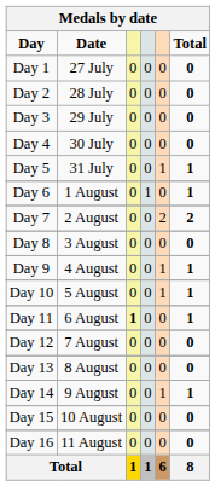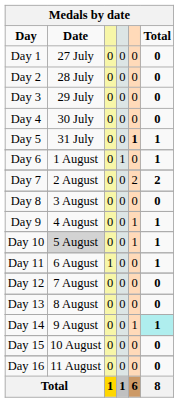 <table class=wikitable style="font-size:85%; float:right;">
 <tr bgcolor=efefef>
 <th colspan=6><strong>Medals by date</strong></th>
 </tr>
 <tr align=center>
 <td><strong>Day</strong></td>
 <td><strong>Date</strong></td>
 <td bgcolor=#f7f6a8></td>
 <td bgcolor=#dce5e5></td>
 <td bgcolor=#ffdab9></td>
 <td><strong>Total</strong></td>
 </tr>
 <tr align=center>
 <td>Day 1</td>
 <td>27 July</td>
 <td bgcolor=F7F6A8>0</td>
 <td bgcolor=DCE5E5>0</td>
 <td bgcolor=FFDAB9>0</td>
 <td><strong>0</strong></td>
 </tr>
 <tr align=center>
 <td>Day 2</td>
 <td>28 July</td>
 <td bgcolor=F7F6A8>0</td>
 <td bgcolor=DCE5E5>0</td>
 <td bgcolor=FFDAB9>0</td>
 <td><strong>0</strong></td>
 </tr>
 <tr align=center>
 <td>Day 3</td>
 <td>29 July</td>
 <td bgcolor=F7F6A8>0</td>
 <td bgcolor=DCE5E5>0</td>
 <td bgcolor=FFDAB9>0</td>
 <td><strong>0</strong></td>
 </tr>
 <tr align=center>
 <td>Day 4</td>
 <td>30 July</td>
 <td bgcolor=F7F6A8>0</td>
 <td bgcolor=DCE5E5>0</td>
 <td bgcolor=FFDAB9>0</td>
 <td><strong>0</strong></td>
 </tr>
 <tr align=center>
 <td>Day 5</td>
 <td>31 July</td>
 <td bgcolor=F7F6A8>0</td>
 <td bgcolor=DCE5E5>0</td>
-<td bgcolor=FFDAB9>1</td>
+<td bgcolor=FFDAB9><strong>1</strong></td>
 <td><strong>1</strong></td>
 </tr>
 <tr>
 </tr>
 <tr align=center>
 <td>Day 6</td>
 <td>1 August</td>
 <td bgcolor=F7F6A8>0</td>
 <td bgcolor=DCE5E5>1</td>
 <td bgcolor=FFDAB9>0</td>
 <td><strong>1</strong></td>
 </tr>
 <tr>
 </tr>
 <tr align=center>
 <td>Day 7</td>
 <td>2 August</td>
 <td bgcolor=F7F6A8>0</td>
 <td bgcolor=DCE5E5>0</td>
 <td bgcolor=FFDAB9>2</td>
 <td><strong>2</strong></td>
 </tr>
 <tr>
 </tr>
 <tr align=center>
 <td>Day 8</td>
 <td>3 August</td>
 <td bgcolor=F7F6A8>0</td>
 <td bgcolor=DCE5E5>0</td>
 <td bgcolor=FFDAB9>0</td>
 <td><strong>0</strong></td>
 </tr>
 <tr>
 </tr>
 <tr align=center>
 <td>Day 9</td>
 <td>4 August</td>
 <td bgcolor=F7F6A8>0</td>
 <td bgcolor=DCE5E5>0</td>
 <td bgcolor=FFDAB9>1</td>
 <td><strong>1</strong></td>
 </tr>
 <tr>
 </tr>
 <tr align=center>
 <td>Day 10</td>
-<td>5 August</td>
+<td style="background: lightgrey;">5 August</td>
 <td bgcolor=F7F6A8>0</td>
 <td bgcolor=DCE5E5>0</td>
 <td bgcolor=FFDAB9>1</td>
 <td><strong>1</strong></td>
 </tr>
 <tr>
 </tr>
 <tr align=center>
 <td>Day 11</td>
 <td>6 August</td>
-<td bgcolor=F7F6A8><strong>1</strong></td>
+<td bgcolor=F7F6A8>1</td>
 <td bgcolor=DCE5E5>0</td>
 <td bgcolor=FFDAB9>0</td>
 <td><strong>1</strong></td>
 </tr>
 <tr>
 </tr>
 <tr align=center>
 <td>Day 12</td>
 <td>7 August</td>
 <td bgcolor=F7F6A8>0</td>
 <td bgcolor=DCE5E5>0</td>
 <td bgcolor=FFDAB9>0</td>
 <td><strong>0</strong></td>
 </tr>
 <tr>
 </tr>
 <tr align=center>
 <td>Day 13</td>
 <td>8 August</td>
 <td bgcolor=F7F6A8>0</td>
 <td bgcolor=DCE5E5>0</td>
 <td bgcolor=FFDAB9>0</td>
 <td><strong>0</strong></td>
 </tr>
 <tr>
 </tr>
 <tr align=center>
 <td>Day 14</td>
 <td>9 August</td>
 <td bgcolor=F7F6A8>0</td>
 <td bgcolor=DCE5E5>0</td>
 <td bgcolor=FFDAB9>1</td>
-<td><strong>1</strong></td>
+<td style="background: paleturquoise;"><strong>1</strong></td>
 </tr>
 <tr>
 </tr>
 <tr align=center>
 <td>Day 15</td>
 <td>10 August</td>
 <td bgcolor=F7F6A8>0</td>
 <td bgcolor=DCE5E5>0</td>
 <td bgcolor=FFDAB9>0</td>
 <td><strong>0</strong></td>
 </tr>
 <tr>
 </tr>
 <tr align=center>
 <td>Day 16</td>
 <td>11 August</td>
 <td bgcolor=F7F6A8>0</td>
 <td bgcolor=DCE5E5>0</td>
 <td bgcolor=FFDAB9>0</td>
 <td><strong>0</strong></td>
 </tr>
 <tr>
 <th colspan=2><strong>Total</strong></th>
 <th style="background:gold"><strong>1</strong></th>
 <th style="background:silver"><strong>1</strong></th>
 <th style="background:#c96"><strong>6</strong></th>
 <th><strong>8</strong></th>
 </tr>
 </table>
